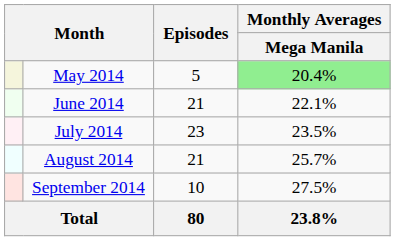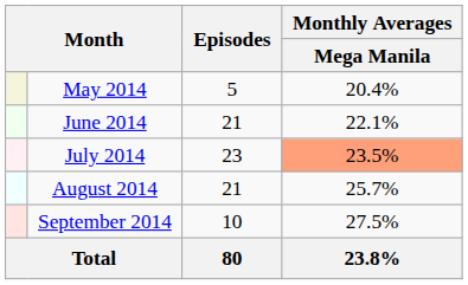 <table class="wikitable plainrowheaders" style="text-align: center; line-height:25px;">
 <tr class="wikitable" style="text-align: center;">
 <th colspan="2" rowspan="2" style="padding: 0 8px;">Month</th>
 <th rowspan="2" style="padding: 0 8px;">Episodes</th>
 <th colspan="2" style="padding: 0 8px;">Monthly Averages</th>
 </tr>
 <tr>
 <th style="padding: 0 8px;">Mega Manila</th>
 </tr>
 <tr>
 <td style="padding: 0 8px; background:#F5F5DC;"></td>
 <td style="padding: 0 8px;" '><a href='#'>May 2014</a></td>
 <td style="padding: 0 8px;">5</td>
-<td style="background: lightgreen; padding: 0 8px;">20.4%</td>
+<td style="padding: 0 8px;">20.4%</td>
 </tr>
 <tr>
 <td style="padding: 0 8px; background:#F0FFF0;"></td>
 <td style="padding: 0 8px;" '><a href='#'>June 2014</a></td>
 <td style="padding: 0 8px;">21</td>
 <td style="padding: 0 8px;">22.1%</td>
 </tr>
 <tr>
 <td style="padding: 0 8px; background:#FFF0F5;"></td>
 <td style="padding: 0 8px;" '><a href='#'>July 2014</a></td>
 <td style="padding: 0 8px;">23</td>
-<td style="padding: 0 8px;">23.5%</td>
+<td style="background: lightsalmon; padding: 0 8px;">23.5%</td>
 </tr>
 <tr>
 <td style="padding: 0 8px; background:#F0FFFF;"></td>
 <td style="padding: 0 8px;" '><a href='#'>August 2014</a></td>
 <td style="padding: 0 8px;">21</td>
 <td style="padding: 0 8px;">25.7%</td>
 </tr>
 <tr>
 <td style="padding: 0 8px; background:#FFE4E1;"></td>
 <td style="padding: 0 8px;" '><a href='#'>September 2014</a></td>
 <td style="padding: 0 8px;">10</td>
 <td style="padding: 0 8px;">27.5%</td>
 </tr>
 <tr>
 <th colspan="2">Total</th>
 <th colspan="1">80</th>
 <th colspan="2">23.8%</th>
 </tr>
 </table>
